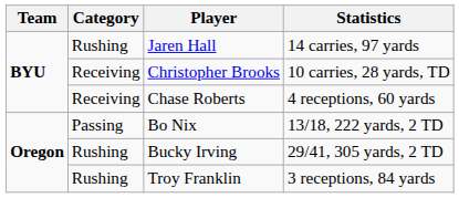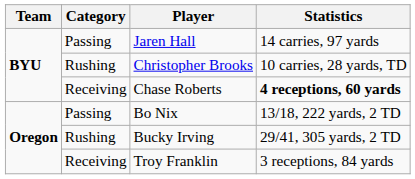 <table class="wikitable" style="float: right;">
 <tr>
 <th>Team</th>
 <th>Category</th>
 <th>Player</th>
 <th>Statistics</th>
 </tr>
 <tr>
 <td rowspan=3><strong>BYU</strong></td>
-<td>Rushing</td>
+<td>Passing</td>
 <td><a href='#'>Jaren Hall</a></td>
 <td>14 carries, 97 yards</td>
 </tr>
 <tr>
-<td>Receiving</td>
+<td>Rushing</td>
 <td><a href='#'>Christopher Brooks</a></td>
 <td>10 carries, 28 yards, TD</td>
 </tr>
 <tr>
 <td>Receiving</td>
 <td>Chase Roberts</td>
-<td>4 receptions, 60 yards</td>
+<td><strong>4 receptions, 60 yards</strong></td>
 </tr>
 <tr>
 <td rowspan=3><strong>Oregon</strong></td>
 <td>Passing</td>
 <td>Bo Nix</td>
 <td>13/18, 222 yards, 2 TD</td>
 </tr>
 <tr>
 <td>Rushing</td>
 <td>Bucky Irving</td>
 <td>29/41, 305 yards, 2 TD</td>
 </tr>
 <tr>
-<td>Rushing</td>
+<td>Receiving</td>
 <td>Troy Franklin</td>
 <td>3 receptions, 84 yards</td>
 </tr>
 </table>
